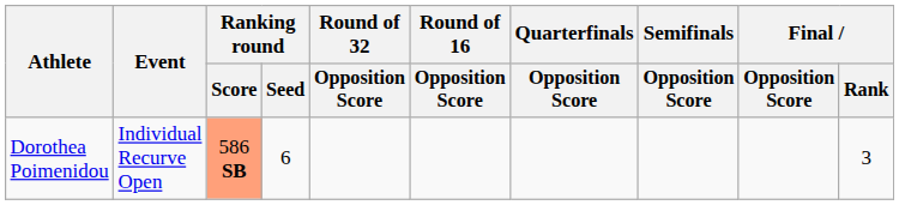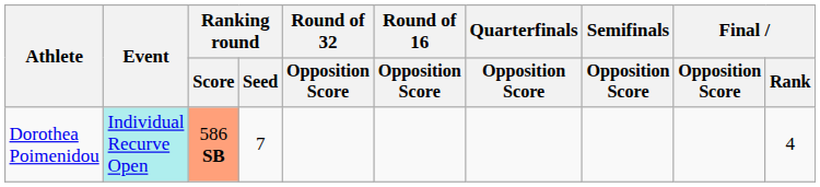 <table class="wikitable" style="font-size:90%">
 <tr>
 <th rowspan="2">Athlete</th>
 <th rowspan="2">Event</th>
 <th colspan="2">Ranking round</th>
 <th>Round of 32</th>
 <th>Round of 16</th>
 <th>Quarterfinals</th>
 <th>Semifinals</th>
 <th colspan="2">Final / </th>
 </tr>
 <tr style="font-size:95%">
 <th>Score</th>
 <th>Seed</th>
 <th>Opposition<br>Score</th>
 <th>Opposition<br>Score</th>
 <th>Opposition<br>Score</th>
 <th>Opposition<br>Score</th>
 <th>Opposition<br>Score</th>
 <th>Rank</th>
 </tr>
 <tr align=center>
 <td align=left><a href='#'>Dorothea Poimenidou</a></td>
-<td align=left><a href='#'> Individual Recurve Open</a></td>
+<td align=left style="background: paleturquoise;"><a href='#'> Individual Recurve Open</a></td>
 <td style="background: lightsalmon;">586 <strong>SB</strong></td>
-<td>6</td>
+<td>7</td>
 <td></td>
 <td></td>
 <td></td>
 <td></td>
 <td></td>
-<td>3</td>
+<td>4</td>
 </tr>
 </table>
